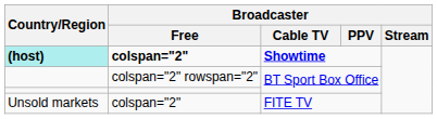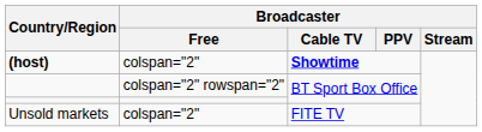 <table class="wikitable">
 <tr>
 <th rowspan="2">Country/Region</th>
 <th colspan="4">Broadcaster</th>
 </tr>
 <tr>
 <th>Free</th>
 <th>Cable TV</th>
 <th>PPV</th>
 <th>Stream</th>
 </tr>
 <tr>
-<td style="background: paleturquoise;"><strong> (host)</strong></td>
-<td><strong>colspan="2" </strong></td>
+<td><strong> (host)</strong></td>
+<td>colspan="2" </td>
 <td colspan="2"><a href='#'><strong>Showtime</strong></a></td>
 </tr>
 <tr>
 <td></td>
 <td>colspan="2" rowspan="2" </td>
 <td colspan="2" rowspan="2"><a href='#'>BT Sport Box Office</a></td>
 </tr>
 <tr>
 <td></td>
 </tr>
 <tr>
 <td>Unsold markets</td>
 <td>colspan="2" </td>
 <td colspan="2"><a href='#'>FITE TV</a></td>
 </tr>
 </table>
